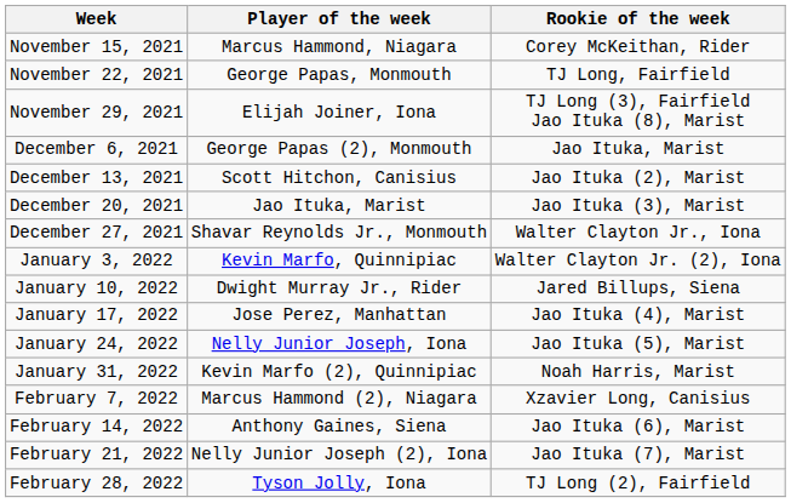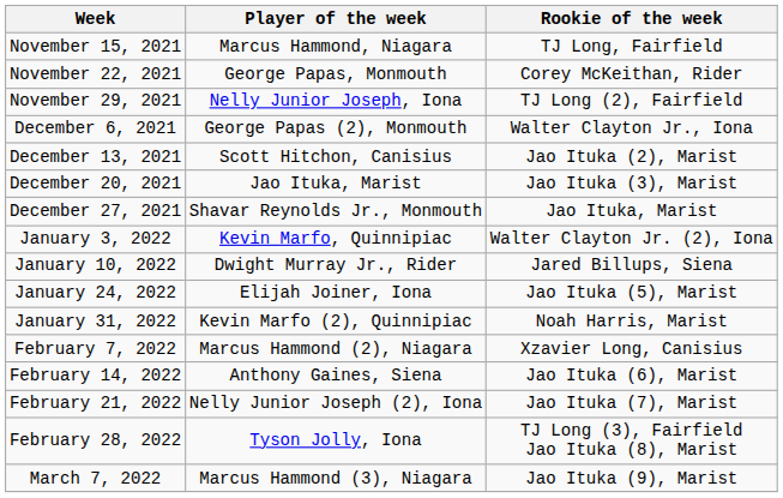 <table class="wikitable" style="text-align: center;border=1">
 <tr>
 <th>Week</th>
 <th>Player of the week</th>
 <th>Rookie of the week</th>
 </tr>
 <tr>
 <td>November 15, 2021</td>
 <td>Marcus Hammond, Niagara</td>
-<td>Corey McKeithan, Rider</td>
+<td>TJ Long, Fairfield</td>
 </tr>
 <tr>
 <td>November 22, 2021</td>
 <td>George Papas, Monmouth</td>
-<td>TJ Long, Fairfield</td>
+<td>Corey McKeithan, Rider</td>
 </tr>
 <tr>
 <td>November 29, 2021</td>
-<td>Elijah Joiner, Iona</td>
-<td>TJ Long (3), Fairfield<br>Jao Ituka (8), Marist</td>
+<td><a href='#'>Nelly Junior Joseph</a>, Iona</td>
+<td>TJ Long (2), Fairfield</td>
 </tr>
 <tr>
 <td>December 6, 2021</td>
 <td>George Papas (2), Monmouth</td>
-<td>Jao Ituka, Marist</td>
+<td>Walter Clayton Jr., Iona</td>
 </tr>
 <tr>
 <td>December 13, 2021</td>
 <td>Scott Hitchon, Canisius</td>
 <td>Jao Ituka (2), Marist</td>
 </tr>
 <tr>
 <td>December 20, 2021</td>
 <td>Jao Ituka, Marist</td>
 <td>Jao Ituka (3), Marist</td>
 </tr>
 <tr>
 <td>December 27, 2021</td>
 <td>Shavar Reynolds Jr., Monmouth</td>
-<td>Walter Clayton Jr., Iona</td>
+<td>Jao Ituka, Marist</td>
 </tr>
 <tr>
 <td>January 3, 2022</td>
 <td><a href='#'>Kevin Marfo</a>, Quinnipiac</td>
 <td>Walter Clayton Jr. (2), Iona</td>
 </tr>
 <tr>
 <td>January 10, 2022</td>
 <td>Dwight Murray Jr., Rider</td>
 <td>Jared Billups, Siena</td>
 </tr>
 <tr>
-<td>January 17, 2022</td>
-<td>Jose Perez, Manhattan</td>
-<td>Jao Ituka (4), Marist</td>
-</tr>
-<tr>
 <td>January 24, 2022</td>
-<td><a href='#'>Nelly Junior Joseph</a>, Iona</td>
+<td>Elijah Joiner, Iona</td>
 <td>Jao Ituka (5), Marist</td>
 </tr>
 <tr>
 <td>January 31, 2022</td>
 <td>Kevin Marfo (2), Quinnipiac</td>
 <td>Noah Harris, Marist</td>
 </tr>
 <tr>
 <td>February 7, 2022</td>
 <td>Marcus Hammond (2), Niagara</td>
 <td>Xzavier Long, Canisius</td>
 </tr>
 <tr>
 <td>February 14, 2022</td>
 <td>Anthony Gaines, Siena</td>
 <td>Jao Ituka (6), Marist</td>
 </tr>
 <tr>
 <td>February 21, 2022</td>
 <td>Nelly Junior Joseph (2), Iona</td>
 <td>Jao Ituka (7), Marist</td>
 </tr>
 <tr>
 <td>February 28, 2022</td>
 <td><a href='#'>Tyson Jolly</a>, Iona</td>
-<td>TJ Long (2), Fairfield</td>
+<td>TJ Long (3), Fairfield<br>Jao Ituka (8), Marist</td>
+</tr>
+<tr>
+<td>March 7, 2022</td>
+<td>Marcus Hammond (3), Niagara</td>
+<td>Jao Ituka (9), Marist</td>
 </tr>
 <tr>
 </tr>
 </table>
